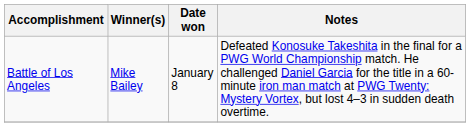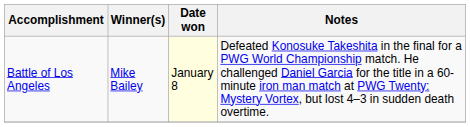 <table class="wikitable" style="width:100%;">
 <tr>
 <th>Accomplishment</th>
 <th>Winner(s)</th>
 <th>Date won</th>
 <th>Notes</th>
 </tr>
 <tr>
 <td><a href='#'>Battle of Los Angeles</a></td>
 <td><a href='#'>Mike Bailey</a></td>
-<td>January 8</td>
+<td style="background: lightyellow;">January 8</td>
 <td>Defeated <a href='#'>Konosuke Takeshita</a> in the final for a <a href='#'>PWG World Championship</a> match. He challenged <a href='#'>Daniel Garcia</a> for the title in a 60-minute <a href='#'>iron man match</a> at <a href='#'>PWG Twenty: Mystery Vortex</a>, but lost 4–3 in sudden death overtime.</td>
 </tr>
 <tr>
 </tr>
 </table>
